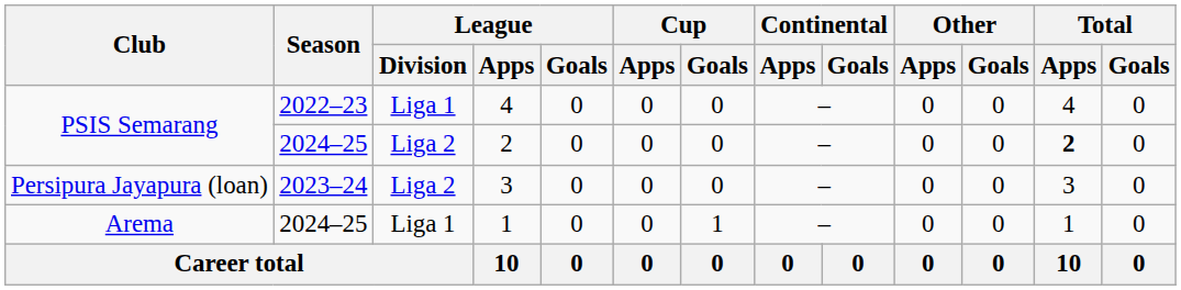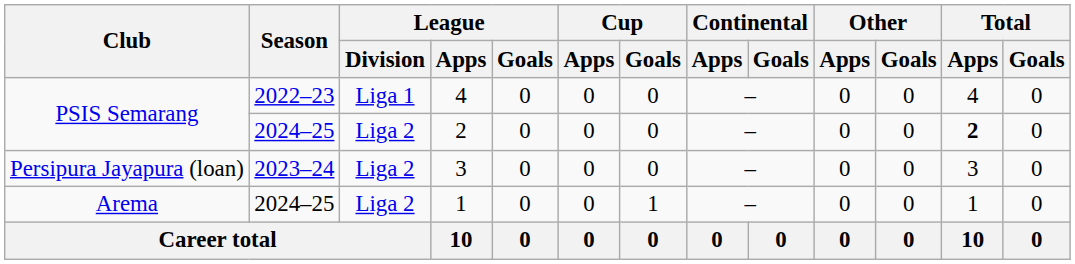 <table class="wikitable" style="text-align: center">
 <tr>
 <th rowspan="2">Club</th>
 <th rowspan="2">Season</th>
 <th colspan="3">League</th>
 <th colspan="2">Cup</th>
 <th colspan="2">Continental</th>
 <th colspan="2">Other</th>
 <th colspan="2">Total</th>
 </tr>
 <tr>
 <th>Division</th>
 <th>Apps</th>
 <th>Goals</th>
 <th>Apps</th>
 <th>Goals</th>
 <th>Apps</th>
 <th>Goals</th>
 <th>Apps</th>
 <th>Goals</th>
 <th>Apps</th>
 <th>Goals</th>
 </tr>
 <tr>
 <td rowspan="2"><a href='#'>PSIS Semarang</a></td>
 <td><a href='#'>2022–23</a></td>
 <td><a href='#'>Liga 1</a></td>
 <td>4</td>
 <td>0</td>
 <td>0</td>
 <td>0</td>
 <td colspan="2">–</td>
 <td>0</td>
 <td>0</td>
 <td>4</td>
 <td>0</td>
 </tr>
 <tr>
 <td><a href='#'>2024–25</a></td>
 <td><a href='#'>Liga 2</a></td>
 <td>2</td>
 <td>0</td>
 <td>0</td>
 <td>0</td>
 <td colspan="2">–</td>
 <td>0</td>
 <td>0</td>
 <td><strong>2</strong></td>
 <td>0</td>
 </tr>
 <tr>
 <td><a href='#'>Persipura Jayapura</a> (loan)</td>
 <td><a href='#'>2023–24</a></td>
 <td><a href='#'>Liga 2</a></td>
 <td>3</td>
 <td>0</td>
 <td>0</td>
 <td>0</td>
 <td colspan="2">–</td>
 <td>0</td>
 <td>0</td>
 <td>3</td>
 <td>0</td>
 </tr>
 <tr>
 <td><a href='#'>Arema</a></td>
 <td>2024–25</td>
-<td>Liga 1</td>
+<td><a href='#'>Liga 2</a></td>
 <td>1</td>
 <td>0</td>
 <td>0</td>
 <td>1</td>
 <td colspan="2">–</td>
 <td>0</td>
 <td>0</td>
 <td>1</td>
 <td>0</td>
 </tr>
 <tr>
 <th colspan="3">Career total</th>
 <th>10</th>
 <th>0</th>
 <th>0</th>
 <th>0</th>
 <th>0</th>
 <th>0</th>
 <th>0</th>
 <th>0</th>
 <th>10</th>
 <th>0</th>
 </tr>
 </table>
